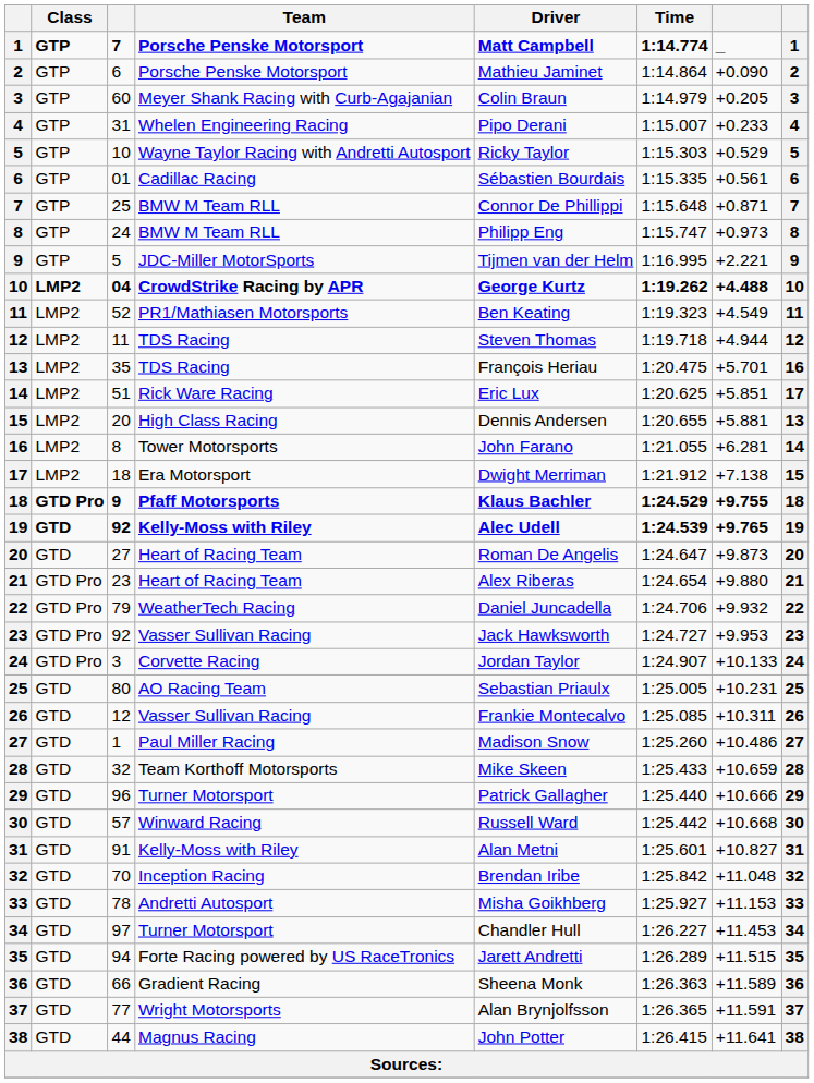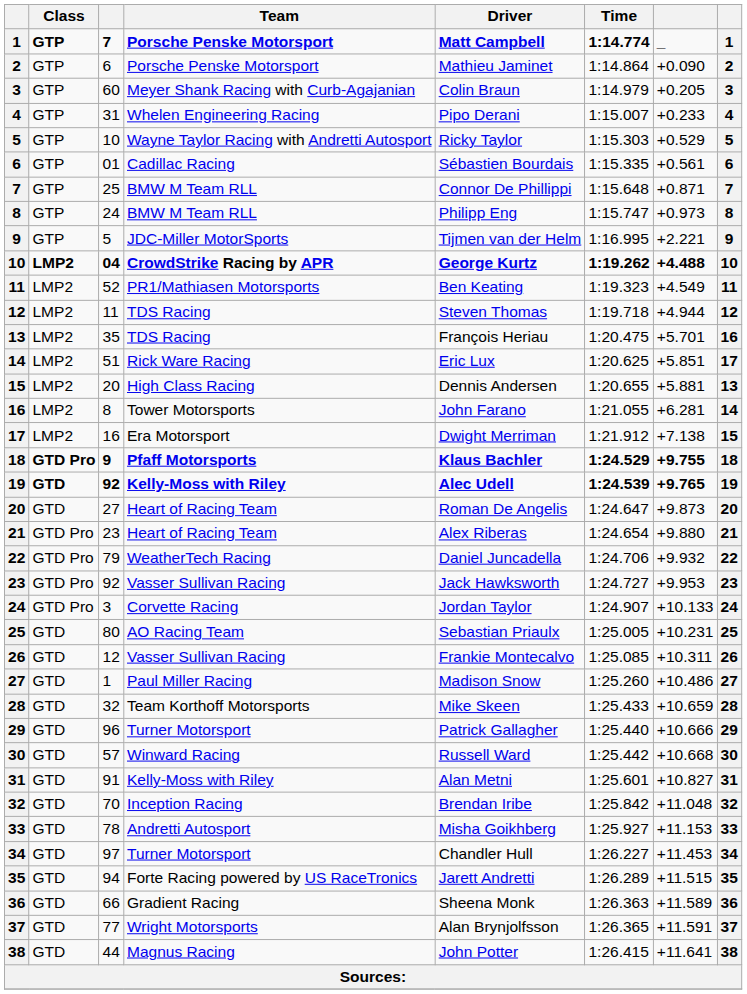 <table class="wikitable">
 <tr>
 <th scope="col"></th>
 <th scope="col">Class</th>
 <th scope="col"></th>
 <th scope="col">Team</th>
 <th scope="col">Driver</th>
 <th scope="col">Time</th>
 <th scope="col"></th>
 <th scope="col"></th>
 </tr>
 <tr>
 <th scope="row">1</th>
 <td><strong>GTP</strong></td>
 <td><strong>7</strong></td>
 <td><a href='#'><strong>Porsche Penske Motorsport</strong></a></td>
 <td><strong> <a href='#'>Matt Campbell</a></strong></td>
 <td><strong>1:14.774</strong></td>
 <td><strong>_</strong></td>
 <th><strong>1</strong></th>
 </tr>
 <tr>
 <th scope="row">2</th>
 <td>GTP</td>
 <td>6</td>
 <td><a href='#'>Porsche Penske Motorsport</a></td>
 <td> <a href='#'>Mathieu Jaminet</a></td>
 <td>1:14.864</td>
 <td>+0.090</td>
 <th>2</th>
 </tr>
 <tr>
 <th scope="row">3</th>
 <td>GTP</td>
 <td>60</td>
 <td><a href='#'>Meyer Shank Racing</a> with <a href='#'>Curb-Agajanian</a></td>
 <td> <a href='#'>Colin Braun</a></td>
 <td>1:14.979</td>
 <td>+0.205</td>
 <th>3</th>
 </tr>
 <tr>
 <th scope="row">4</th>
 <td>GTP</td>
 <td>31</td>
 <td><a href='#'>Whelen Engineering Racing</a></td>
 <td> <a href='#'>Pipo Derani</a></td>
 <td>1:15.007</td>
 <td>+0.233</td>
 <th>4</th>
 </tr>
 <tr>
 <th scope="row">5</th>
 <td>GTP</td>
 <td>10</td>
 <td><a href='#'>Wayne Taylor Racing</a> with <a href='#'>Andretti Autosport</a></td>
 <td> <a href='#'>Ricky Taylor</a></td>
 <td>1:15.303</td>
 <td>+0.529</td>
 <th>5</th>
 </tr>
 <tr>
 <th scope="row">6</th>
 <td>GTP</td>
 <td>01</td>
 <td><a href='#'>Cadillac Racing</a></td>
 <td> <a href='#'>Sébastien Bourdais</a></td>
 <td>1:15.335</td>
 <td>+0.561</td>
 <th>6</th>
 </tr>
 <tr>
 <th scope="row">7</th>
 <td>GTP</td>
 <td>25</td>
 <td><a href='#'>BMW M Team RLL</a></td>
 <td> <a href='#'>Connor De Phillippi</a></td>
 <td>1:15.648</td>
 <td>+0.871</td>
 <th><strong>7</strong></th>
 </tr>
 <tr>
 <th scope="row">8</th>
 <td>GTP</td>
 <td>24</td>
 <td><a href='#'>BMW M Team RLL</a></td>
 <td> <a href='#'>Philipp Eng</a></td>
 <td>1:15.747</td>
 <td>+0.973</td>
 <th>8</th>
 </tr>
 <tr>
 <th scope="row">9</th>
 <td>GTP</td>
 <td>5</td>
 <td><a href='#'>JDC-Miller MotorSports</a></td>
 <td> <a href='#'>Tijmen van der Helm</a></td>
 <td>1:16.995</td>
 <td>+2.221</td>
 <th>9</th>
 </tr>
 <tr>
 <th scope="row">10</th>
 <td><strong>LMP2</strong></td>
 <td><strong>04</strong></td>
 <td><strong><a href='#'>CrowdStrike</a> Racing by <a href='#'>APR</a></strong></td>
 <td><strong> <a href='#'>George Kurtz</a></strong></td>
 <td><strong>1:19.262</strong></td>
 <td><strong>+4.488</strong></td>
 <th><strong>10</strong></th>
 </tr>
 <tr>
 <th scope="row">11</th>
 <td>LMP2</td>
 <td>52</td>
 <td><a href='#'>PR1/Mathiasen Motorsports</a></td>
 <td> <a href='#'>Ben Keating</a></td>
 <td>1:19.323</td>
 <td>+4.549</td>
 <th>11</th>
 </tr>
 <tr>
 <th scope="row">12</th>
 <td>LMP2</td>
 <td>11</td>
 <td><a href='#'>TDS Racing</a></td>
 <td> <a href='#'>Steven Thomas</a></td>
 <td>1:19.718</td>
 <td>+4.944</td>
 <th>12</th>
 </tr>
 <tr>
 <th scope="row">13</th>
 <td>LMP2</td>
 <td>35</td>
 <td><a href='#'>TDS Racing</a></td>
 <td> François Heriau</td>
 <td>1:20.475</td>
 <td>+5.701</td>
 <th><strong>16</strong></th>
 </tr>
 <tr>
 <th scope="row">14</th>
 <td>LMP2</td>
 <td>51</td>
 <td><a href='#'>Rick Ware Racing</a></td>
 <td> <a href='#'>Eric Lux</a></td>
 <td>1:20.625</td>
 <td>+5.851</td>
 <th>17</th>
 </tr>
 <tr>
 <th scope="row">15</th>
 <td>LMP2</td>
 <td>20</td>
 <td><a href='#'>High Class Racing</a></td>
 <td> Dennis Andersen</td>
 <td>1:20.655</td>
 <td>+5.881</td>
 <th>13</th>
 </tr>
 <tr>
 <th scope="row">16</th>
 <td>LMP2</td>
 <td>8</td>
 <td>Tower Motorsports</td>
 <td> <a href='#'>John Farano</a></td>
 <td>1:21.055</td>
 <td>+6.281</td>
 <th>14</th>
 </tr>
 <tr>
 <th scope="row">17</th>
 <td>LMP2</td>
-<td>18</td>
+<td>16</td>
 <td>Era Motorsport</td>
 <td> <a href='#'>Dwight Merriman</a></td>
 <td>1:21.912</td>
 <td>+7.138</td>
 <th>15</th>
 </tr>
 <tr>
 <th scope="row">18</th>
 <td><strong>GTD Pro</strong></td>
 <td><strong>9</strong></td>
 <td><strong><a href='#'>Pfaff Motorsports</a></strong></td>
 <td><strong> <a href='#'>Klaus Bachler</a></strong></td>
 <td><strong>1:24.529</strong></td>
 <td><strong>+9.755</strong></td>
 <th>18</th>
 </tr>
 <tr>
 <th scope="row">19</th>
 <td><strong>GTD</strong></td>
 <td><strong>92</strong></td>
 <td><strong><a href='#'>Kelly-Moss with Riley</a></strong></td>
 <td><strong> <a href='#'>Alec Udell</a></strong></td>
 <td><strong>1:24.539</strong></td>
 <td><strong>+9.765</strong></td>
 <th><strong>19</strong></th>
 </tr>
 <tr>
 <th scope="row">20</th>
 <td>GTD</td>
 <td>27</td>
 <td><a href='#'>Heart of Racing Team</a></td>
 <td> <a href='#'>Roman De Angelis</a></td>
 <td>1:24.647</td>
 <td>+9.873</td>
 <th>20</th>
 </tr>
 <tr>
 <th scope="row">21</th>
 <td>GTD Pro</td>
 <td>23</td>
 <td><a href='#'>Heart of Racing Team</a></td>
 <td> <a href='#'>Alex Riberas</a></td>
 <td>1:24.654</td>
 <td>+9.880</td>
 <th>21</th>
 </tr>
 <tr>
 <th scope="row">22</th>
 <td>GTD Pro</td>
 <td>79</td>
 <td><a href='#'>WeatherTech Racing</a></td>
 <td> <a href='#'>Daniel Juncadella</a></td>
 <td>1:24.706</td>
 <td>+9.932</td>
 <th>22</th>
 </tr>
 <tr>
 <th scope="row">23</th>
 <td>GTD Pro</td>
 <td>92</td>
 <td><a href='#'>Vasser Sullivan Racing</a></td>
 <td> <a href='#'>Jack Hawksworth</a></td>
 <td>1:24.727</td>
 <td>+9.953</td>
 <th>23</th>
 </tr>
 <tr>
 <th scope="row">24</th>
 <td>GTD Pro</td>
 <td>3</td>
 <td><a href='#'>Corvette Racing</a></td>
 <td> <a href='#'>Jordan Taylor</a></td>
 <td>1:24.907</td>
 <td>+10.133</td>
 <th>24</th>
 </tr>
 <tr>
 <th scope="row">25</th>
 <td>GTD</td>
 <td>80</td>
 <td><a href='#'>AO Racing Team</a></td>
 <td> <a href='#'>Sebastian Priaulx</a></td>
 <td>1:25.005</td>
 <td>+10.231</td>
 <th>25</th>
 </tr>
 <tr>
 <th scope="row">26</th>
 <td>GTD</td>
 <td>12</td>
 <td><a href='#'>Vasser Sullivan Racing</a></td>
 <td> <a href='#'>Frankie Montecalvo</a></td>
 <td>1:25.085</td>
 <td>+10.311</td>
 <th>26</th>
 </tr>
 <tr>
 <th scope="row">27</th>
 <td>GTD</td>
 <td>1</td>
 <td><a href='#'>Paul Miller Racing</a></td>
 <td> <a href='#'>Madison Snow</a></td>
 <td>1:25.260</td>
 <td>+10.486</td>
 <th>27</th>
 </tr>
 <tr>
 <th scope="row">28</th>
 <td>GTD</td>
 <td>32</td>
 <td>Team Korthoff Motorsports</td>
 <td> <a href='#'>Mike Skeen</a></td>
 <td>1:25.433</td>
 <td>+10.659</td>
 <th>28</th>
 </tr>
 <tr>
 <th>29</th>
 <td>GTD</td>
 <td>96</td>
 <td><a href='#'>Turner Motorsport</a></td>
 <td> <a href='#'>Patrick Gallagher</a></td>
 <td>1:25.440</td>
 <td>+10.666</td>
 <th>29</th>
 </tr>
 <tr>
 <th>30</th>
 <td>GTD</td>
 <td>57</td>
 <td><a href='#'>Winward Racing</a></td>
 <td> <a href='#'>Russell Ward</a></td>
 <td>1:25.442</td>
 <td>+10.668</td>
 <th>30</th>
 </tr>
 <tr>
 <th>31</th>
 <td>GTD</td>
 <td>91</td>
 <td><a href='#'>Kelly-Moss with Riley</a></td>
 <td> <a href='#'>Alan Metni</a></td>
 <td>1:25.601</td>
 <td>+10.827</td>
 <th>31</th>
 </tr>
 <tr>
 <th>32</th>
 <td>GTD</td>
 <td>70</td>
 <td><a href='#'>Inception Racing</a></td>
 <td> <a href='#'>Brendan Iribe</a></td>
 <td>1:25.842</td>
 <td>+11.048</td>
 <th>32</th>
 </tr>
 <tr>
 <th>33</th>
 <td>GTD</td>
 <td>78</td>
 <td><a href='#'>Andretti Autosport</a></td>
 <td> <a href='#'>Misha Goikhberg</a></td>
 <td>1:25.927</td>
 <td>+11.153</td>
 <th>33</th>
 </tr>
 <tr>
 <th>34</th>
 <td>GTD</td>
 <td>97</td>
 <td><a href='#'>Turner Motorsport</a></td>
 <td> Chandler Hull</td>
 <td>1:26.227</td>
 <td>+11.453</td>
 <th>34</th>
 </tr>
 <tr>
 <th>35</th>
 <td>GTD</td>
 <td>94</td>
 <td>Forte Racing powered by <a href='#'>US RaceTronics</a></td>
 <td> <a href='#'>Jarett Andretti</a></td>
 <td>1:26.289</td>
 <td>+11.515</td>
 <th>35</th>
 </tr>
 <tr>
 <th>36</th>
 <td>GTD</td>
 <td>66</td>
 <td>Gradient Racing</td>
 <td> Sheena Monk</td>
 <td>1:26.363</td>
 <td>+11.589</td>
 <th>36</th>
 </tr>
 <tr>
 <th>37</th>
 <td>GTD</td>
 <td>77</td>
 <td><a href='#'>Wright Motorsports</a></td>
 <td> Alan Brynjolfsson</td>
 <td>1:26.365</td>
 <td>+11.591</td>
 <th>37</th>
 </tr>
 <tr>
 <th>38</th>
 <td>GTD</td>
 <td>44</td>
 <td><a href='#'>Magnus Racing</a></td>
 <td> <a href='#'>John Potter</a></td>
 <td>1:26.415</td>
 <td>+11.641</td>
 <th>38</th>
 </tr>
 <tr>
 <th colspan="8">Sources:</th>
 </tr>
 <tr>
 </tr>
 </table>
